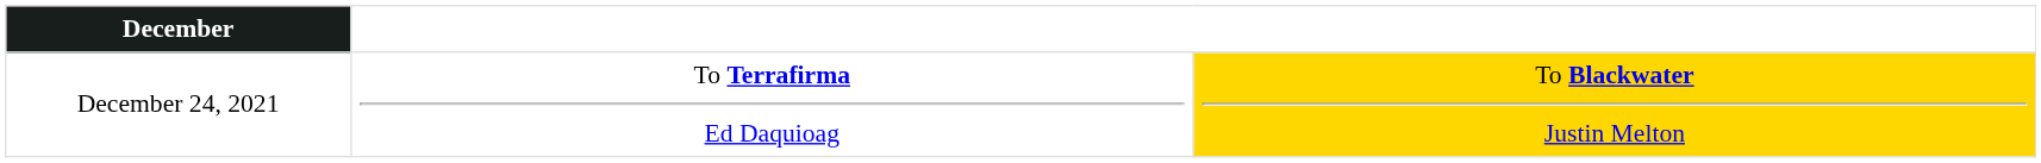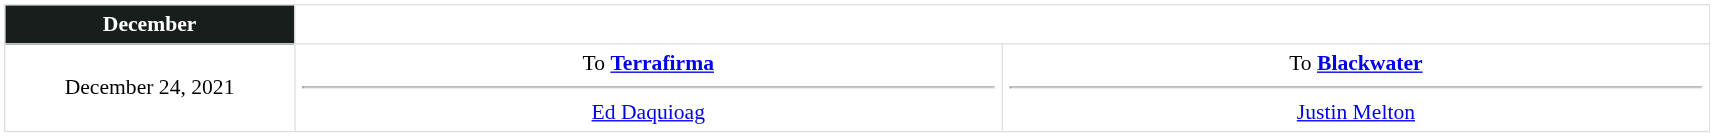 <table border=1 style="border-collapse:collapse; text-align: center; width: 100%" bordercolor="#DFDFDF"  cellpadding="5">
 <tr bgcolor="eeeeee">
 <th style="background:#181E1C; color:#FFFFFF; ">December</th>
 </tr>
 <tr>
 <td style="width:12%">December 24, 2021</td>
 <td style="width:29.3%" valign="top">To <strong><a href='#'>Terrafirma</a></strong><hr><a href='#'>Ed Daquioag</a></td>
-<td style="background: gold; width:29.3%" valign="top">To <strong><a href='#'>Blackwater</a></strong><hr><a href='#'>Justin Melton</a></td>
+<td style="width:29.3%" valign="top">To <strong><a href='#'>Blackwater</a></strong><hr><a href='#'>Justin Melton</a></td>
 </tr>
 </table>
